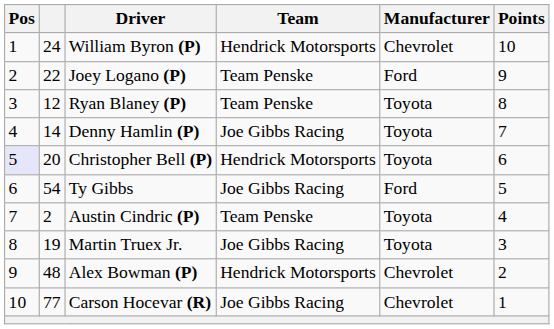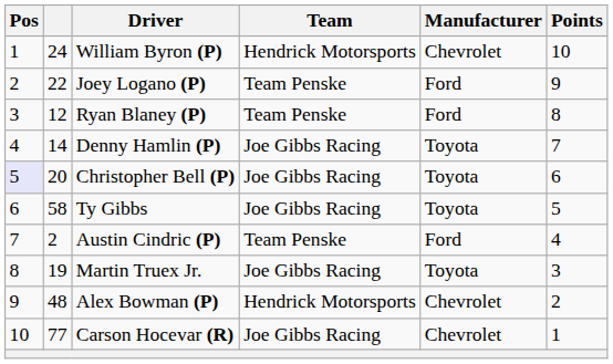 <table class="wikitable" style="font-size:98%">
 <tr>
 <th>Pos</th>
 <th></th>
 <th>Driver</th>
 <th>Team</th>
 <th>Manufacturer</th>
 <th>Points</th>
 </tr>
 <tr>
 <td>1</td>
 <td>24</td>
 <td>William Byron <strong>(P)</strong></td>
 <td>Hendrick Motorsports</td>
 <td>Chevrolet</td>
 <td>10</td>
 </tr>
 <tr>
 <td>2</td>
 <td>22</td>
 <td>Joey Logano <strong>(P)</strong></td>
 <td>Team Penske</td>
 <td>Ford</td>
 <td>9</td>
 </tr>
 <tr>
 <td>3</td>
 <td>12</td>
 <td>Ryan Blaney <strong>(P)</strong></td>
 <td>Team Penske</td>
-<td>Toyota</td>
+<td>Ford</td>
 <td>8</td>
 </tr>
 <tr>
 <td>4</td>
 <td>14</td>
 <td>Denny Hamlin <strong>(P)</strong></td>
 <td>Joe Gibbs Racing</td>
 <td>Toyota</td>
 <td>7</td>
 </tr>
 <tr>
 <td style="background: lavender;">5</td>
 <td>20</td>
 <td>Christopher Bell <strong>(P)</strong></td>
-<td>Hendrick Motorsports</td>
+<td>Joe Gibbs Racing</td>
 <td>Toyota</td>
 <td>6</td>
 </tr>
 <tr>
 <td>6</td>
-<td>54</td>
+<td>58</td>
 <td>Ty Gibbs</td>
 <td>Joe Gibbs Racing</td>
-<td>Ford</td>
+<td>Toyota</td>
 <td>5</td>
 </tr>
 <tr>
 <td>7</td>
 <td>2</td>
 <td>Austin Cindric <strong>(P)</strong></td>
 <td>Team Penske</td>
-<td>Toyota</td>
+<td>Ford</td>
 <td>4</td>
 </tr>
 <tr>
 <td>8</td>
 <td>19</td>
 <td>Martin Truex Jr.</td>
 <td>Joe Gibbs Racing</td>
 <td>Toyota</td>
 <td>3</td>
 </tr>
 <tr>
 <td>9</td>
 <td>48</td>
 <td>Alex Bowman <strong>(P)</strong></td>
 <td>Hendrick Motorsports</td>
 <td>Chevrolet</td>
 <td>2</td>
 </tr>
 <tr>
 <td>10</td>
 <td>77</td>
 <td>Carson Hocevar <strong>(R)</strong></td>
 <td>Joe Gibbs Racing</td>
 <td>Chevrolet</td>
 <td>1</td>
 </tr>
 <tr>
 <th colspan="6"></th>
 </tr>
 </table>
